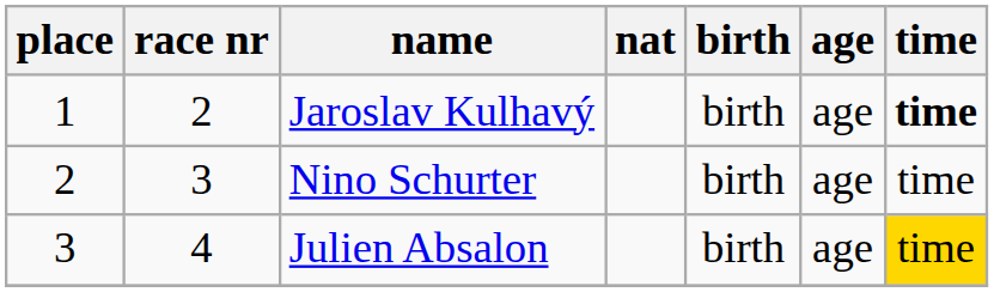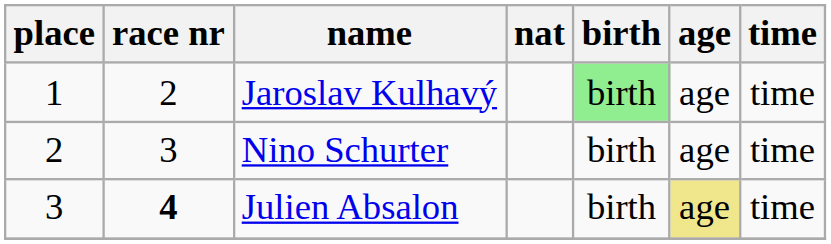 <table class="wikitable" border="1" style="text-align:center">
 <tr>
 <th>place</th>
 <th>race nr</th>
 <th>name</th>
 <th>nat</th>
 <th>birth</th>
 <th>age</th>
 <th>time</th>
 </tr>
 <tr>
 <td>1</td>
 <td>2</td>
 <td align=left><a href='#'>Jaroslav Kulhavý</a></td>
 <td align=left></td>
-<td>birth</td>
+<td style="background: lightgreen;">birth</td>
 <td>age</td>
-<td><strong>time</strong></td>
+<td>time</td>
 </tr>
 <tr>
 <td>2</td>
 <td>3</td>
 <td align=left><a href='#'>Nino Schurter</a></td>
 <td align=left></td>
 <td>birth</td>
 <td>age</td>
 <td>time</td>
 </tr>
 <tr>
 <td>3</td>
-<td>4</td>
+<td><strong>4</strong></td>
 <td align=left><a href='#'>Julien Absalon</a></td>
 <td align=left></td>
 <td>birth</td>
-<td>age</td>
-<td style="background: gold;">time</td>
+<td style="background: khaki;">age</td>
+<td>time</td>
 </tr>
 <tr>
 </tr>
 </table>
